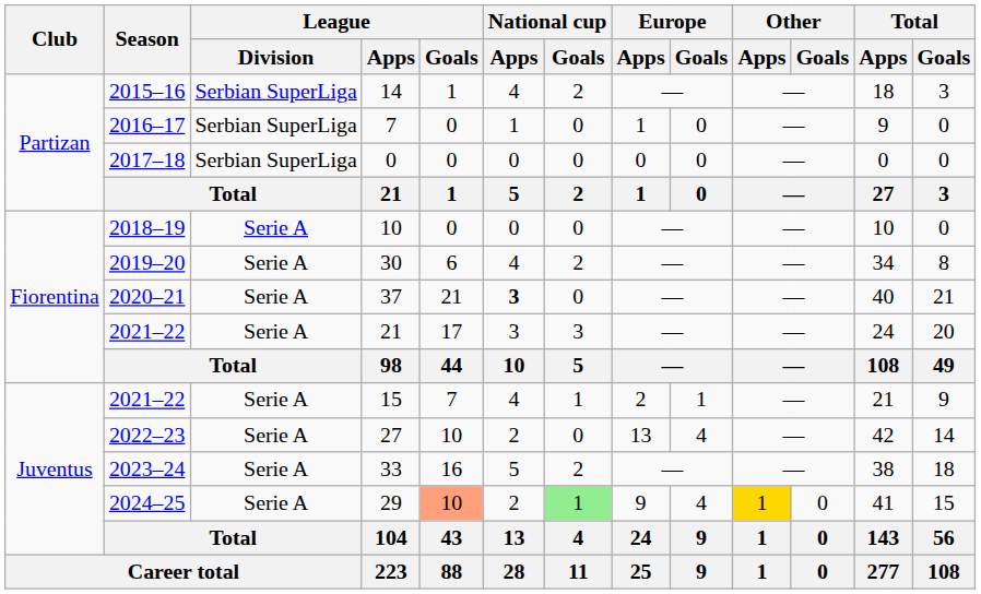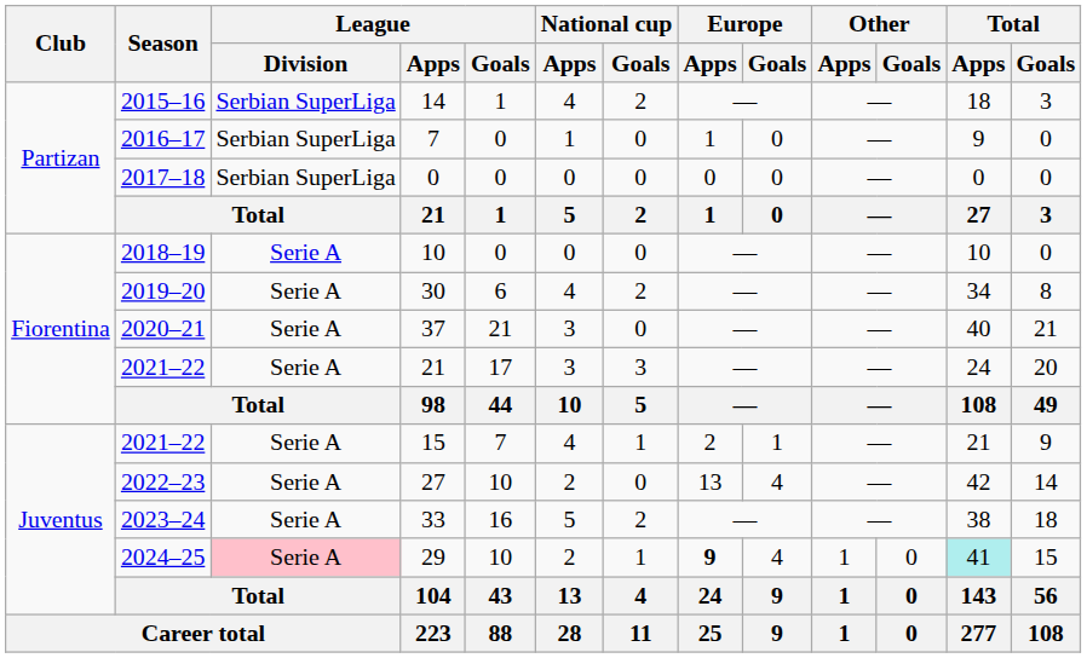 <table class="wikitable" style="text-align:center">
 <tr>
 <th rowspan="2">Club</th>
 <th rowspan="2">Season</th>
 <th colspan="3">League</th>
 <th colspan="2">National cup</th>
 <th colspan="2">Europe</th>
 <th colspan="2">Other</th>
 <th colspan="2">Total</th>
 </tr>
 <tr>
 <th>Division</th>
 <th>Apps</th>
 <th>Goals</th>
 <th>Apps</th>
 <th>Goals</th>
 <th>Apps</th>
 <th>Goals</th>
 <th>Apps</th>
 <th>Goals</th>
 <th>Apps</th>
 <th>Goals</th>
 </tr>
 <tr>
 <td rowspan="4"><a href='#'>Partizan</a></td>
 <td><a href='#'>2015–16</a></td>
 <td><a href='#'>Serbian SuperLiga</a></td>
 <td>14</td>
 <td>1</td>
 <td>4</td>
 <td>2</td>
 <td colspan="2">—</td>
 <td colspan="2">—</td>
 <td>18</td>
 <td>3</td>
 </tr>
 <tr>
 <td><a href='#'>2016–17</a></td>
 <td>Serbian SuperLiga</td>
 <td>7</td>
 <td>0</td>
 <td>1</td>
 <td>0</td>
 <td>1</td>
 <td>0</td>
 <td colspan="2">—</td>
 <td>9</td>
 <td>0</td>
 </tr>
 <tr>
 <td><a href='#'>2017–18</a></td>
 <td>Serbian SuperLiga</td>
 <td>0</td>
 <td>0</td>
 <td>0</td>
 <td>0</td>
 <td>0</td>
 <td>0</td>
 <td colspan="2">—</td>
 <td>0</td>
 <td>0</td>
 </tr>
 <tr>
 <th colspan="2">Total</th>
 <th>21</th>
 <th>1</th>
 <th>5</th>
 <th>2</th>
 <th>1</th>
 <th>0</th>
 <th colspan="2">—</th>
 <th>27</th>
 <th>3</th>
 </tr>
 <tr>
 <td rowspan="5"><a href='#'>Fiorentina</a></td>
 <td><a href='#'>2018–19</a></td>
 <td><a href='#'>Serie A</a></td>
 <td>10</td>
 <td>0</td>
 <td>0</td>
 <td>0</td>
 <td colspan="2">—</td>
 <td colspan="2">—</td>
 <td>10</td>
 <td>0</td>
 </tr>
 <tr>
 <td><a href='#'>2019–20</a></td>
 <td>Serie A</td>
 <td>30</td>
 <td>6</td>
 <td>4</td>
 <td>2</td>
 <td colspan="2">—</td>
 <td colspan="2">—</td>
 <td>34</td>
 <td>8</td>
 </tr>
 <tr>
 <td><a href='#'>2020–21</a></td>
 <td>Serie A</td>
 <td>37</td>
 <td>21</td>
-<td><strong>3</strong></td>
+<td>3</td>
 <td>0</td>
 <td colspan="2">—</td>
 <td colspan="2">—</td>
 <td>40</td>
 <td>21</td>
 </tr>
 <tr>
 <td><a href='#'>2021–22</a></td>
 <td>Serie A</td>
 <td>21</td>
 <td>17</td>
 <td>3</td>
 <td>3</td>
 <td colspan="2">—</td>
 <td colspan="2">—</td>
 <td>24</td>
 <td>20</td>
 </tr>
 <tr>
 <th colspan="2">Total</th>
 <th>98</th>
 <th>44</th>
 <th>10</th>
 <th>5</th>
 <th colspan="2">—</th>
 <th colspan="2">—</th>
 <th>108</th>
 <th>49</th>
 </tr>
 <tr>
 <td rowspan="5"><a href='#'>Juventus</a></td>
 <td><a href='#'>2021–22</a></td>
 <td>Serie A</td>
 <td>15</td>
 <td>7</td>
 <td>4</td>
 <td>1</td>
 <td>2</td>
 <td>1</td>
 <td colspan="2">—</td>
 <td>21</td>
 <td>9</td>
 </tr>
 <tr>
 <td><a href='#'>2022–23</a></td>
 <td>Serie A</td>
 <td>27</td>
 <td>10</td>
 <td>2</td>
 <td>0</td>
 <td>13</td>
 <td>4</td>
 <td colspan="2">—</td>
 <td>42</td>
 <td>14</td>
 </tr>
 <tr>
 <td><a href='#'>2023–24</a></td>
 <td>Serie A</td>
 <td>33</td>
 <td>16</td>
 <td>5</td>
 <td>2</td>
 <td colspan="2">—</td>
 <td colspan="2">—</td>
 <td>38</td>
 <td>18</td>
 </tr>
 <tr>
 <td><a href='#'>2024–25</a></td>
-<td>Serie A</td>
+<td style="background: pink;">Serie A</td>
 <td>29</td>
-<td style="background: lightsalmon;">10</td>
+<td>10</td>
 <td>2</td>
-<td style="background: lightgreen;">1</td>
-<td>9</td>
+<td>1</td>
+<td><strong>9</strong></td>
 <td>4</td>
-<td style="background: gold;">1</td>
+<td>1</td>
 <td>0</td>
-<td>41</td>
+<td style="background: paleturquoise;">41</td>
 <td>15</td>
 </tr>
 <tr>
 <th colspan="2">Total</th>
 <th>104</th>
 <th>43</th>
 <th>13</th>
 <th>4</th>
 <th>24</th>
 <th>9</th>
 <th>1</th>
 <th>0</th>
 <th>143</th>
 <th>56</th>
 </tr>
 <tr>
 <th colspan="3">Career total</th>
 <th>223</th>
 <th>88</th>
 <th>28</th>
 <th>11</th>
 <th>25</th>
 <th>9</th>
 <th>1</th>
 <th>0</th>
 <th>277</th>
 <th>108</th>
 </tr>
 </table>
